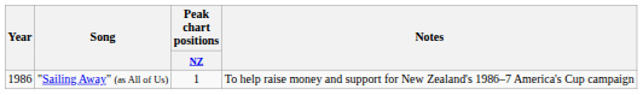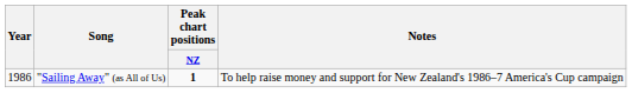 <table class="wikitable">
 <tr>
 <th rowspan="2">Year</th>
 <th rowspan="2">Song</th>
 <th colspan="1">Peak chart positions</th>
 <th rowspan="2">Notes</th>
 </tr>
 <tr>
 <th style="width:40px;"><small><a href='#'>NZ</a></small><br></th>
 </tr>
 <tr>
 <td>1986</td>
 <td style="text-align:left;">"<a href='#'>Sailing Away</a>" <small>(as All of Us)</small></td>
-<td style="text-align:center;">1</td>
+<td style="text-align:center;"><strong>1</strong></td>
 <td>To help raise money and support for New Zealand's 1986–7 America's Cup campaign</td>
 </tr>
 </table>
